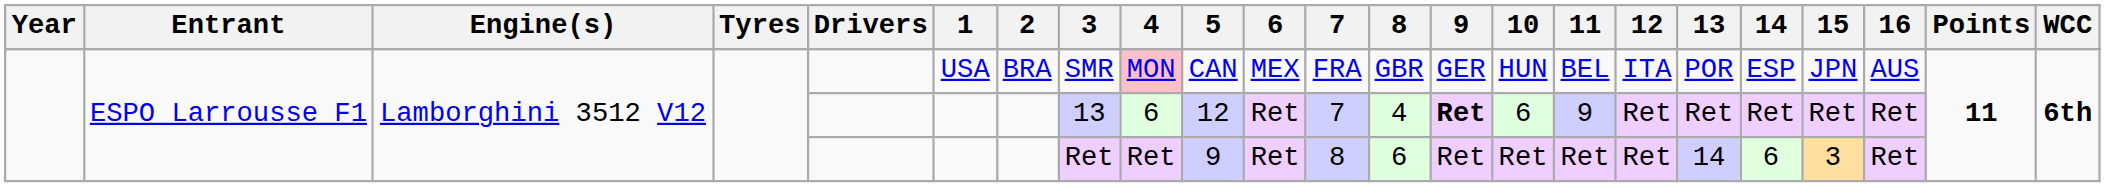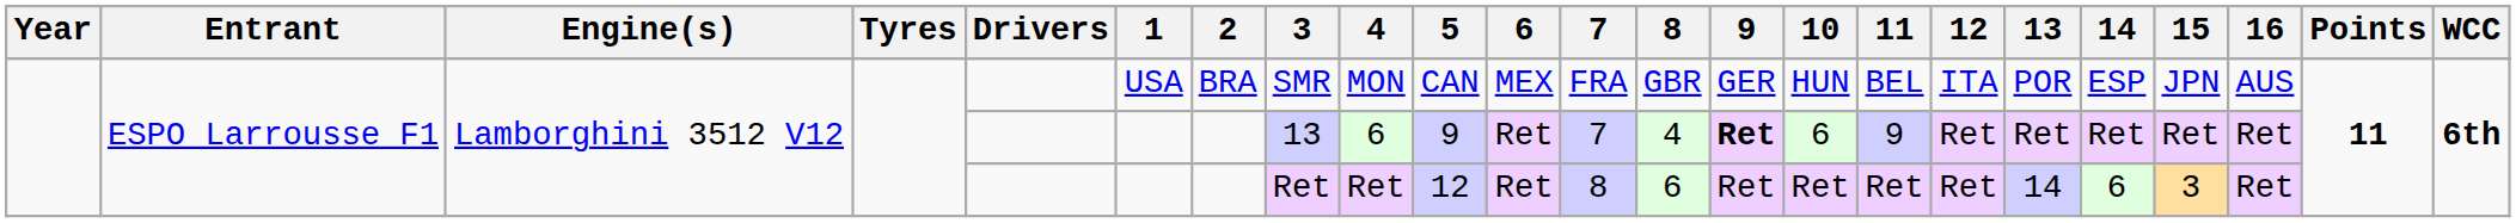 <table class="wikitable" style="text-align:center; font-size:95%">
 <tr>
 <th>Year</th>
 <th>Entrant</th>
 <th>Engine(s)</th>
 <th>Tyres</th>
 <th>Drivers</th>
 <th>1</th>
 <th>2</th>
 <th>3</th>
 <th>4</th>
 <th>5</th>
 <th>6</th>
 <th>7</th>
 <th>8</th>
 <th>9</th>
 <th>10</th>
 <th>11</th>
 <th>12</th>
 <th>13</th>
 <th>14</th>
 <th>15</th>
 <th>16</th>
 <th>Points</th>
 <th>WCC</th>
 </tr>
 <tr>
 </tr>
 <tr>
 <td rowspan="3"></td>
 <td rowspan="3"><a href='#'>ESPO Larrousse F1</a></td>
 <td rowspan="3"><a href='#'>Lamborghini</a> 3512 <a href='#'>V12</a></td>
 <td rowspan="3"></td>
 <td></td>
 <td><a href='#'>USA</a></td>
 <td><a href='#'>BRA</a></td>
 <td><a href='#'>SMR</a></td>
-<td style="background: pink;"><a href='#'>MON</a></td>
+<td><a href='#'>MON</a></td>
 <td><a href='#'>CAN</a></td>
 <td><a href='#'>MEX</a></td>
 <td><a href='#'>FRA</a></td>
 <td><a href='#'>GBR</a></td>
 <td><a href='#'>GER</a></td>
 <td><a href='#'>HUN</a></td>
 <td><a href='#'>BEL</a></td>
 <td><a href='#'>ITA</a></td>
 <td><a href='#'>POR</a></td>
 <td><a href='#'>ESP</a></td>
 <td><a href='#'>JPN</a></td>
 <td><a href='#'>AUS</a></td>
 <td rowspan="3"><strong>11</strong></td>
 <td rowspan="3"><strong>6th</strong></td>
 </tr>
 <tr>
 <td></td>
 <td></td>
 <td></td>
 <td style="background:#CFCFFF;">13</td>
 <td style="background:#DFFFDF;">6</td>
-<td style="background:#CFCFFF;">12</td>
+<td style="background:#CFCFFF;">9</td>
 <td style="background:#EFCFFF;">Ret</td>
 <td style="background:#CFCFFF;">7</td>
 <td style="background:#DFFFDF;">4</td>
 <td style="background:#EFCFFF;"><strong>Ret</strong></td>
 <td style="background:#DFFFDF;">6</td>
 <td style="background:#CFCFFF;">9</td>
 <td style="background:#EFCFFF;">Ret</td>
 <td style="background:#EFCFFF;">Ret</td>
 <td style="background:#EFCFFF;">Ret</td>
 <td style="background:#EFCFFF;">Ret</td>
 <td style="background:#EFCFFF;">Ret</td>
 </tr>
 <tr>
 <td align="left"></td>
 <td></td>
 <td></td>
 <td style="background:#EFCFFF;">Ret</td>
 <td style="background:#EFCFFF;">Ret</td>
-<td style="background:#CFCFFF;">9</td>
+<td style="background:#CFCFFF;">12</td>
 <td style="background:#EFCFFF;">Ret</td>
 <td style="background:#CFCFFF;">8</td>
 <td style="background:#DFFFDF;">6</td>
 <td style="background:#EFCFFF;">Ret</td>
 <td style="background:#EFCFFF;">Ret</td>
 <td style="background:#EFCFFF;">Ret</td>
 <td style="background:#EFCFFF;">Ret</td>
 <td style="background:#CFCFFF;">14</td>
 <td style="background:#DFFFDF;">6</td>
 <td style="background:#FFDF9F;">3</td>
 <td style="background:#EFCFFF;">Ret</td>
 </tr>
 </table>
